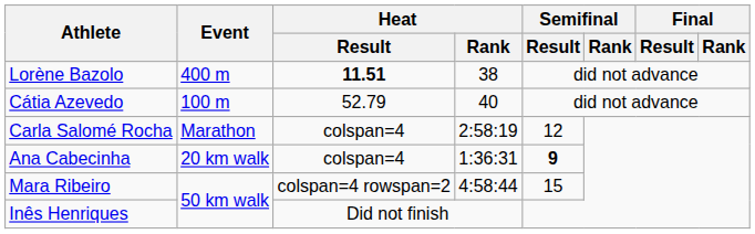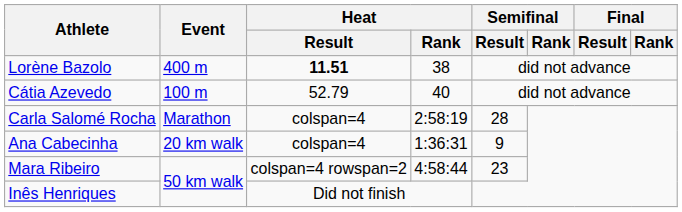 <table class="wikitable"  style=font-size:90%>
 <tr>
 <th rowspan="2">Athlete</th>
 <th rowspan="2">Event</th>
 <th colspan="2">Heat</th>
 <th colspan="2">Semifinal</th>
 <th colspan="2">Final</th>
 </tr>
 <tr>
 <th>Result</th>
 <th>Rank</th>
 <th>Result</th>
 <th>Rank</th>
 <th>Result</th>
 <th>Rank</th>
 </tr>
 <tr style=text-align:center>
 <td style=text-align:left><a href='#'>Lorène Bazolo</a></td>
 <td style=text-align:left><a href='#'>400 m</a></td>
 <td><strong>11.51</strong></td>
 <td>38</td>
 <td colspan=4>did not advance</td>
 </tr>
 <tr style=text-align:center>
 <td style=text-align:left><a href='#'>Cátia Azevedo</a></td>
 <td style=text-align:left><a href='#'>100 m</a></td>
 <td>52.79</td>
 <td>40</td>
 <td colspan=4>did not advance</td>
 </tr>
 <tr style=text-align:center>
 <td style=text-align:left><a href='#'>Carla Salomé Rocha</a></td>
 <td style=text-align:left><a href='#'>Marathon</a></td>
 <td>colspan=4</td>
 <td>2:58:19</td>
-<td>12</td>
+<td>28</td>
 </tr>
 <tr style=text-align:center>
 <td style=text-align:left><a href='#'>Ana Cabecinha</a></td>
 <td style=text-align:left><a href='#'>20 km walk</a></td>
 <td>colspan=4</td>
 <td>1:36:31</td>
-<td><strong>9</strong></td>
+<td>9</td>
 </tr>
 <tr style=text-align:center>
 <td style=text-align:left><a href='#'>Mara Ribeiro</a></td>
 <td style=text-align:left rowspan=2><a href='#'>50 km walk</a></td>
 <td>colspan=4 rowspan=2</td>
 <td>4:58:44</td>
-<td>15</td>
+<td>23</td>
 </tr>
 <tr style=text-align:center>
 <td style=text-align:left><a href='#'>Inês Henriques</a></td>
 <td colspan=2>Did not finish</td>
 </tr>
 </table>
